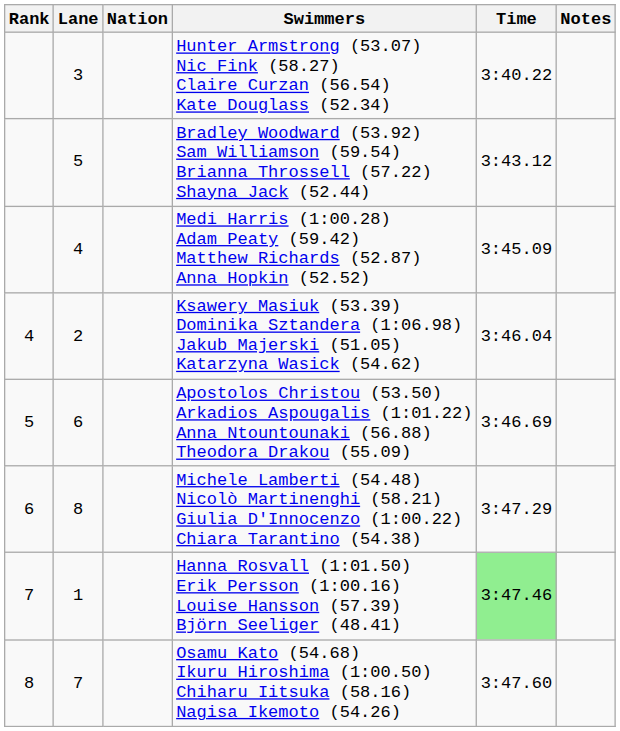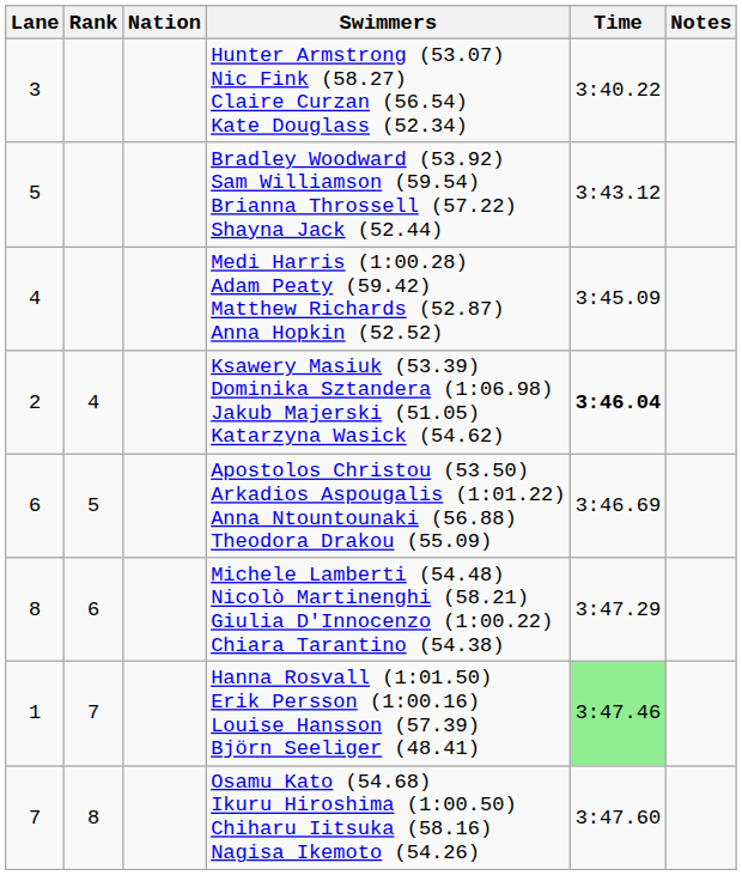 <table class="wikitable sortable" style="text-align:center">
 <tr>
+<th>Lane</th>
 <th>Rank</th>
-<th>Lane</th>
 <th>Nation</th>
 <th>Swimmers</th>
 <th>Time</th>
 <th>Notes</th>
 </tr>
 <tr>
+<td>3</td>
 <td></td>
-<td>3</td>
 <td align=left></td>
 <td align=left><a href='#'>Hunter Armstrong</a> (53.07)<br><a href='#'>Nic Fink</a> (58.27)<br><a href='#'>Claire Curzan</a> (56.54)<br><a href='#'>Kate Douglass</a> (52.34)</td>
 <td>3:40.22</td>
 <td></td>
 </tr>
 <tr>
+<td>5</td>
 <td></td>
-<td>5</td>
 <td align=left></td>
 <td align=left><a href='#'>Bradley Woodward</a> (53.92)<br><a href='#'>Sam Williamson</a> (59.54)<br><a href='#'>Brianna Throssell</a> (57.22)<br><a href='#'>Shayna Jack</a> (52.44)</td>
 <td>3:43.12</td>
 <td></td>
 </tr>
 <tr>
+<td>4</td>
 <td></td>
-<td>4</td>
 <td align=left></td>
 <td align=left><a href='#'>Medi Harris</a> (1:00.28)<br><a href='#'>Adam Peaty</a> (59.42)<br><a href='#'>Matthew Richards</a> (52.87)<br><a href='#'>Anna Hopkin</a> (52.52)</td>
 <td>3:45.09</td>
 <td></td>
 </tr>
 <tr>
+<td>2</td>
 <td>4</td>
-<td>2</td>
 <td align=left></td>
 <td align=left><a href='#'>Ksawery Masiuk</a> (53.39)<br><a href='#'>Dominika Sztandera</a> (1:06.98)<br><a href='#'>Jakub Majerski</a> (51.05)<br><a href='#'>Katarzyna Wasick</a> (54.62)</td>
-<td>3:46.04</td>
+<td><strong>3:46.04</strong></td>
 <td></td>
 </tr>
 <tr>
+<td>6</td>
 <td>5</td>
-<td>6</td>
 <td align=left></td>
 <td align=left><a href='#'>Apostolos Christou</a> (53.50)<br><a href='#'>Arkadios Aspougalis</a> (1:01.22)<br><a href='#'>Anna Ntountounaki</a> (56.88)<br><a href='#'>Theodora Drakou</a> (55.09)</td>
 <td>3:46.69</td>
 <td></td>
 </tr>
 <tr>
+<td>8</td>
 <td>6</td>
-<td>8</td>
 <td align=left></td>
 <td align=left><a href='#'>Michele Lamberti</a> (54.48)<br><a href='#'>Nicolò Martinenghi</a> (58.21)<br><a href='#'>Giulia D'Innocenzo</a> (1:00.22)<br><a href='#'>Chiara Tarantino</a> (54.38)</td>
 <td>3:47.29</td>
 <td></td>
 </tr>
 <tr>
+<td>1</td>
 <td>7</td>
-<td>1</td>
 <td align=left></td>
 <td align=left><a href='#'>Hanna Rosvall</a> (1:01.50)<br><a href='#'>Erik Persson</a> (1:00.16)<br><a href='#'>Louise Hansson</a> (57.39)<br><a href='#'>Björn Seeliger</a> (48.41)</td>
 <td style="background: lightgreen;">3:47.46</td>
 <td></td>
 </tr>
 <tr>
+<td>7</td>
 <td>8</td>
-<td>7</td>
 <td align=left></td>
 <td align=left><a href='#'>Osamu Kato</a> (54.68)<br><a href='#'>Ikuru Hiroshima</a> (1:00.50)<br><a href='#'>Chiharu Iitsuka</a> (58.16)<br><a href='#'>Nagisa Ikemoto</a> (54.26)</td>
 <td>3:47.60</td>
 <td></td>
 </tr>
 </table>
